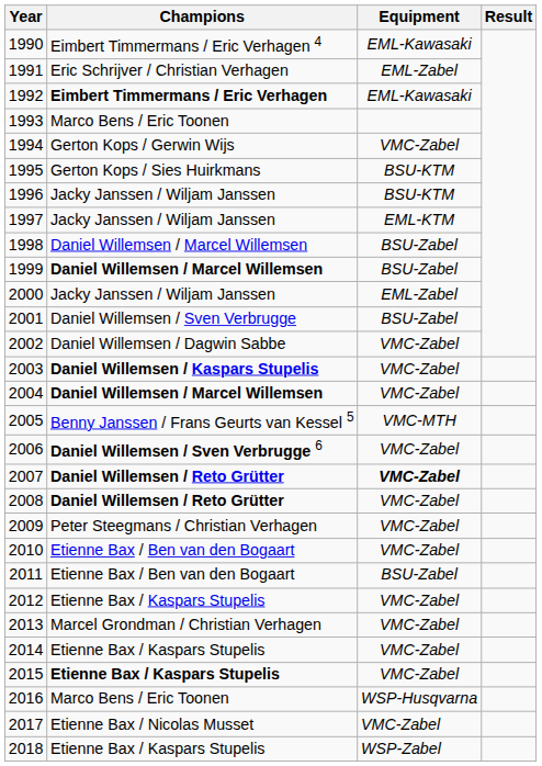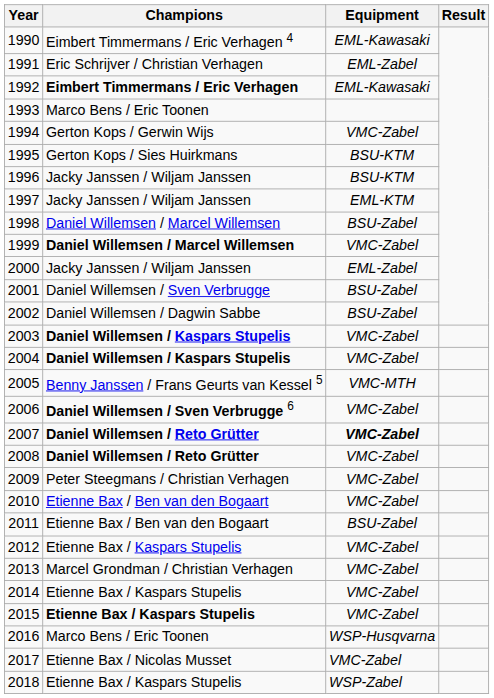 <table class="wikitable sortable" style="display:inline-table;">
 <tr>
 <th>Year</th>
 <th>Champions</th>
 <th>Equipment</th>
 <th>Result</th>
 </tr>
 <tr align="center">
 <td>1990</td>
 <td align="left">Eimbert Timmermans / Eric Verhagen <sup>4</sup></td>
 <td><em>EML-Kawasaki</em></td>
 <td rowspan="13"></td>
 </tr>
 <tr align="center">
 <td>1991</td>
 <td align="left">Eric Schrijver / Christian Verhagen</td>
 <td><em>EML-Zabel</em></td>
 </tr>
 <tr align="center">
 <td>1992</td>
 <td align="left"><strong>Eimbert Timmermans / Eric Verhagen</strong></td>
 <td><em>EML-Kawasaki</em></td>
 </tr>
 <tr align="center">
 <td>1993</td>
 <td align="left">Marco Bens / Eric Toonen</td>
 <td></td>
 </tr>
 <tr align="center">
 <td>1994</td>
 <td align="left">Gerton Kops / Gerwin Wijs</td>
 <td><em>VMC-Zabel</em></td>
 </tr>
 <tr align="center">
 <td>1995</td>
 <td align="left">Gerton Kops / Sies Huirkmans</td>
 <td><em>BSU-KTM</em></td>
 </tr>
 <tr align="center">
 <td>1996</td>
 <td align="left">Jacky Janssen / Wiljam Janssen</td>
 <td><em>BSU-KTM</em></td>
 </tr>
 <tr align="center">
 <td>1997</td>
 <td align="left">Jacky Janssen / Wiljam Janssen</td>
 <td><em>EML-KTM</em></td>
 </tr>
 <tr align="center">
 <td>1998</td>
 <td align="left"><a href='#'>Daniel Willemsen</a> / <a href='#'>Marcel Willemsen</a></td>
 <td><em>BSU-Zabel</em></td>
 </tr>
 <tr align="center">
 <td>1999</td>
 <td align="left"><strong>Daniel Willemsen / Marcel Willemsen</strong></td>
-<td><em>BSU-Zabel</em></td>
+<td><em>VMC-Zabel</em></td>
 </tr>
 <tr align="center">
 <td>2000</td>
 <td align="left">Jacky Janssen / Wiljam Janssen</td>
 <td><em>EML-Zabel</em></td>
 </tr>
 <tr align="center">
 <td>2001</td>
 <td align="left">Daniel Willemsen / <a href='#'>Sven Verbrugge</a></td>
 <td><em>BSU-Zabel</em></td>
 </tr>
 <tr align="center">
 <td>2002</td>
 <td align="left">Daniel Willemsen / Dagwin Sabbe</td>
-<td><em>VMC-Zabel</em></td>
+<td><em>BSU-Zabel</em></td>
 </tr>
 <tr align="center">
 <td>2003</td>
 <td align="left"><strong>Daniel Willemsen / <a href='#'>Kaspars Stupelis</a></strong></td>
 <td><em>VMC-Zabel</em></td>
 <td> </td>
 </tr>
 <tr align="center">
 <td>2004</td>
-<td align="left"><strong>Daniel Willemsen / Marcel Willemsen</strong></td>
+<td align="left"><strong>Daniel Willemsen / Kaspars Stupelis</strong></td>
 <td><em>VMC-Zabel</em></td>
 <td> </td>
 </tr>
 <tr align="center">
 <td>2005</td>
 <td align="left"><a href='#'>Benny Janssen</a> / Frans Geurts van Kessel <sup>5</sup></td>
 <td><em>VMC-MTH</em></td>
 <td> </td>
 </tr>
 <tr align="center">
 <td>2006</td>
 <td align="left"><strong>Daniel Willemsen / Sven Verbrugge</strong> <sup>6</sup></td>
 <td><em>VMC-Zabel</em></td>
 <td> </td>
 </tr>
 <tr align="center">
 <td>2007</td>
 <td align="left"><strong>Daniel Willemsen / <a href='#'>Reto Grütter</a></strong></td>
 <td><strong><em>VMC-Zabel</em></strong></td>
 <td> </td>
 </tr>
 <tr align="center">
 <td>2008</td>
 <td align="left"><strong>Daniel Willemsen / Reto Grütter</strong></td>
 <td><em>VMC-Zabel</em></td>
 <td> </td>
 </tr>
 <tr align="center">
 <td>2009</td>
 <td align="left">Peter Steegmans / Christian Verhagen</td>
 <td><em>VMC-Zabel</em></td>
 <td></td>
 </tr>
 <tr align="center">
 <td>2010</td>
 <td align="left"><a href='#'>Etienne Bax</a> / <a href='#'>Ben van den Bogaart</a></td>
 <td><em>VMC-Zabel</em></td>
 <td> </td>
 </tr>
 <tr align="center">
 <td>2011</td>
 <td align="left">Etienne Bax / Ben van den Bogaart</td>
 <td><em>BSU-Zabel</em></td>
 <td> </td>
 </tr>
 <tr align="center">
 <td>2012</td>
 <td align="left">Etienne Bax / <a href='#'>Kaspars Stupelis</a></td>
 <td><em>VMC-Zabel</em></td>
 <td> </td>
 </tr>
 <tr align="center">
 <td>2013</td>
 <td align="left">Marcel Grondman / Christian Verhagen</td>
 <td><em>VMC-Zabel</em></td>
 <td> </td>
 </tr>
 <tr align="center">
 <td>2014</td>
 <td align="left">Etienne Bax / Kaspars Stupelis</td>
 <td><em>VMC-Zabel</em></td>
 <td> </td>
 </tr>
 <tr align="center">
 <td>2015</td>
 <td align="left"><strong>Etienne Bax / Kaspars Stupelis</strong></td>
 <td><em>VMC-Zabel</em></td>
 <td> </td>
 </tr>
 <tr align="center">
 <td>2016</td>
 <td align="left">Marco Bens / Eric Toonen</td>
 <td><em>WSP-Husqvarna</em></td>
 <td></td>
 </tr>
 <tr>
 <td>2017</td>
 <td>Etienne Bax / Nicolas Musset</td>
 <td><em>VMC-Zabel</em></td>
 <td></td>
 </tr>
 <tr>
 <td>2018</td>
 <td>Etienne Bax / Kaspars Stupelis</td>
 <td><em>WSP-Zabel</em></td>
 <td></td>
 </tr>
 </table>
